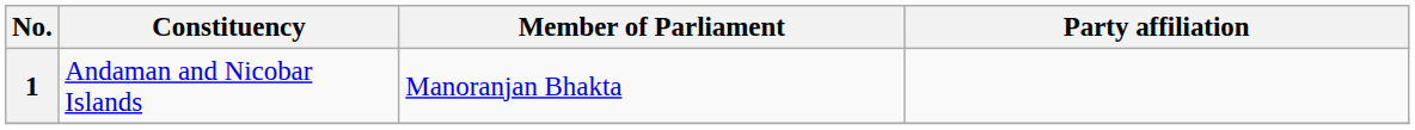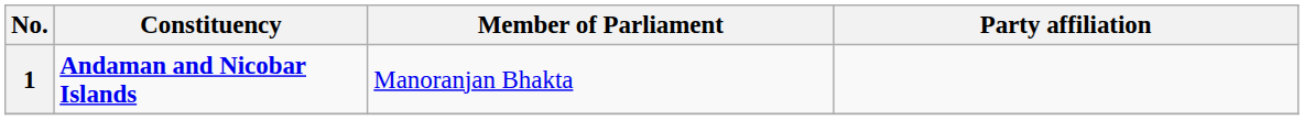 <table class="wikitable">
 <tr style="text-align:center;">
 <th>No.</th>
 <th style="width:12em">Constituency</th>
 <th style="width:18em">Member of Parliament</th>
 <th colspan="2" style="width:18em">Party affiliation</th>
 </tr>
 <tr>
 <th>1</th>
-<td><a href='#'>Andaman and Nicobar Islands</a></td>
+<td><strong><a href='#'>Andaman and Nicobar Islands</a></strong></td>
 <td><a href='#'>Manoranjan Bhakta</a></td>
 <td></td>
 </tr>
 <tr>
 </tr>
 </table>
